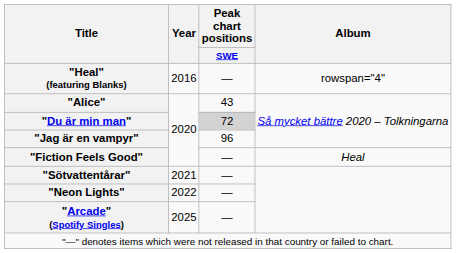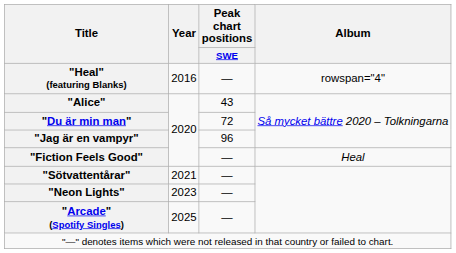 <table class="wikitable plainrowheaders" style="text-align:center;">
 <tr>
 <th scope="col" rowspan="2" style="width:14em;">Title</th>
 <th scope="col" rowspan="2" style="width:1em;">Year</th>
 <th scope="col" colspan="1">Peak chart positions</th>
 <th scope="col" rowspan="2">Album</th>
 </tr>
 <tr>
 <th scope="col" style="width:3em; font-size:85%;"><a href='#'>SWE</a><br></th>
 </tr>
 <tr>
 <th scope="row">"Heal"<br><small>(featuring Blanks)</small></th>
 <td>2016</td>
 <td>—</td>
 <td>rowspan="4" </td>
 </tr>
 <tr>
 <th scope="row">"Alice"</th>
 <td rowspan="4">2020</td>
 <td>43</td>
 <td rowspan="3"><em><a href='#'>Så mycket bättre</a> 2020 – Tolkningarna</em></td>
 </tr>
 <tr>
 <th scope="row">"<a href='#'>Du är min man</a>"</th>
-<td style="background: lightgrey;">72</td>
+<td>72</td>
 </tr>
 <tr>
 <th scope="row">"Jag är en vampyr"</th>
 <td>96</td>
 </tr>
 <tr>
 <th scope="row">"Fiction Feels Good"</th>
 <td>—</td>
 <td><em>Heal</em></td>
 </tr>
 <tr>
 <th scope="row">"Sötvattentårar"</th>
 <td>2021</td>
 <td>—</td>
 </tr>
 <tr>
 <th scope="row">"Neon Lights"</th>
-<td>2022</td>
+<td>2023</td>
 <td>—</td>
 </tr>
 <tr>
 <th scope="row">"<a href='#'>Arcade</a>"<br><small>(<a href='#'>Spotify Singles</a>)</small></th>
 <td>2025</td>
 <td>—</td>
 </tr>
 <tr>
 <td colspan="18" style="font-size:87%">"—" denotes items which were not released in that country or failed to chart.</td>
 </tr>
 </table>
